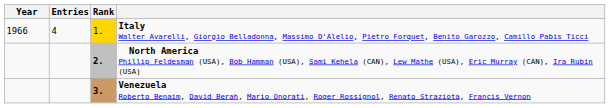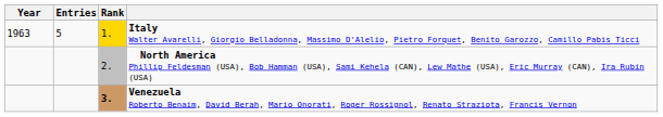 <table class="wikitable" style="width:100%;">
 <tr>
 <th>Year</th>
 <th>Entries</th>
 <th>Rank</th>
 <th></th>
 </tr>
 <tr>
-<td width=60>1966</td>
-<td>4</td>
+<td width=60>1963</td>
+<td>5</td>
 <td style="background:gold; width:30px;">1.</td>
 <td> <strong>Italy</strong><br><small><a href='#'>Walter Avarelli</a>, <a href='#'>Giorgio Belladonna</a>, <a href='#'>Massimo D'Alelio</a>, <a href='#'>Pietro Forquet</a>, <a href='#'>Benito Garozzo</a>, <a href='#'>Camillo Pabis Ticci</a></small></td>
 </tr>
 <tr>
 <td></td>
 <td></td>
-<td style="background:silver;"><strong>2.</strong></td>
+<td style="background:silver;">2.</td>
 <td>  <strong>North America</strong><br><small><a href='#'>Phillip Feldesman</a> (USA), <a href='#'>Bob Hamman</a> (USA), <a href='#'>Sami Kehela</a> (CAN), <a href='#'>Lew Mathe</a> (USA), <a href='#'>Eric Murray</a> (CAN), <a href='#'>Ira Rubin</a> (USA)</small></td>
 </tr>
 <tr>
 <td></td>
 <td></td>
 <td style="background:#c96;"><strong>3.</strong></td>
 <td> <strong>Venezuela</strong><br><small><a href='#'>Roberto Benaim</a>, <a href='#'>David Berah</a>, <a href='#'>Mario Onorati</a>, <a href='#'>Roger Rossignol</a>, <a href='#'>Renato Straziota</a>, <a href='#'>Francis Vernon</a></small></td>
 </tr>
 </table>
